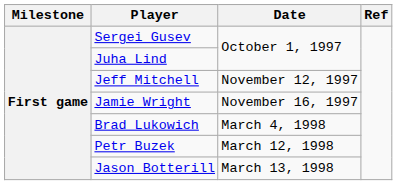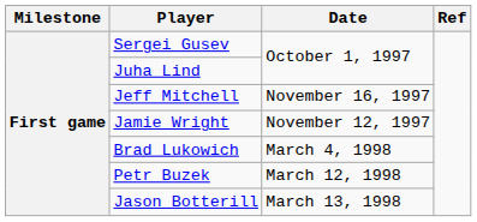 <table class="wikitable">
 <tr>
 <th scope="col">Milestone</th>
 <th scope="col">Player</th>
 <th scope="col">Date</th>
 <th scope="col">Ref</th>
 </tr>
 <tr>
 <th rowspan=7>First game</th>
 <td><a href='#'>Sergei Gusev</a></td>
 <td rowspan=2>October 1, 1997</td>
 <td rowspan=7></td>
 </tr>
 <tr>
 <td><a href='#'>Juha Lind</a></td>
 </tr>
 <tr>
 <td><a href='#'>Jeff Mitchell</a></td>
-<td>November 12, 1997</td>
+<td>November 16, 1997</td>
 </tr>
 <tr>
 <td><a href='#'>Jamie Wright</a></td>
-<td>November 16, 1997</td>
+<td>November 12, 1997</td>
 </tr>
 <tr>
 <td><a href='#'>Brad Lukowich</a></td>
 <td>March 4, 1998</td>
 </tr>
 <tr>
 <td><a href='#'>Petr Buzek</a></td>
 <td>March 12, 1998</td>
 </tr>
 <tr>
 <td><a href='#'>Jason Botterill</a></td>
 <td>March 13, 1998</td>
 </tr>
 </table>
